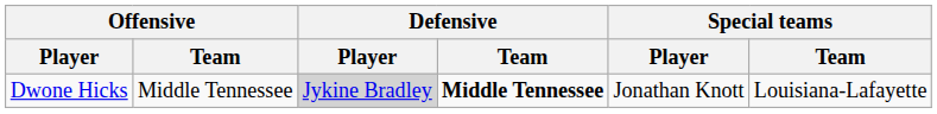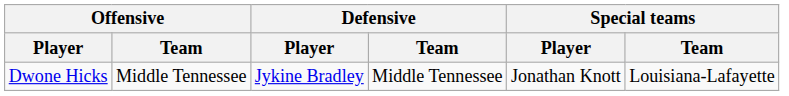 <table class="wikitable">
 <tr>
 <th colspan="2">Offensive</th>
 <th colspan="2">Defensive</th>
 <th colspan="2">Special teams</th>
 </tr>
 <tr>
 <th>Player</th>
 <th>Team</th>
 <th>Player</th>
 <th>Team</th>
 <th>Player</th>
 <th>Team</th>
 </tr>
 <tr>
 <td><a href='#'>Dwone Hicks</a></td>
 <td>Middle Tennessee</td>
-<td style="background: lightgrey;"><a href='#'>Jykine Bradley</a></td>
-<td><strong>Middle Tennessee</strong></td>
+<td><a href='#'>Jykine Bradley</a></td>
+<td>Middle Tennessee</td>
 <td>Jonathan Knott</td>
 <td>Louisiana-Lafayette</td>
 </tr>
 </table>
